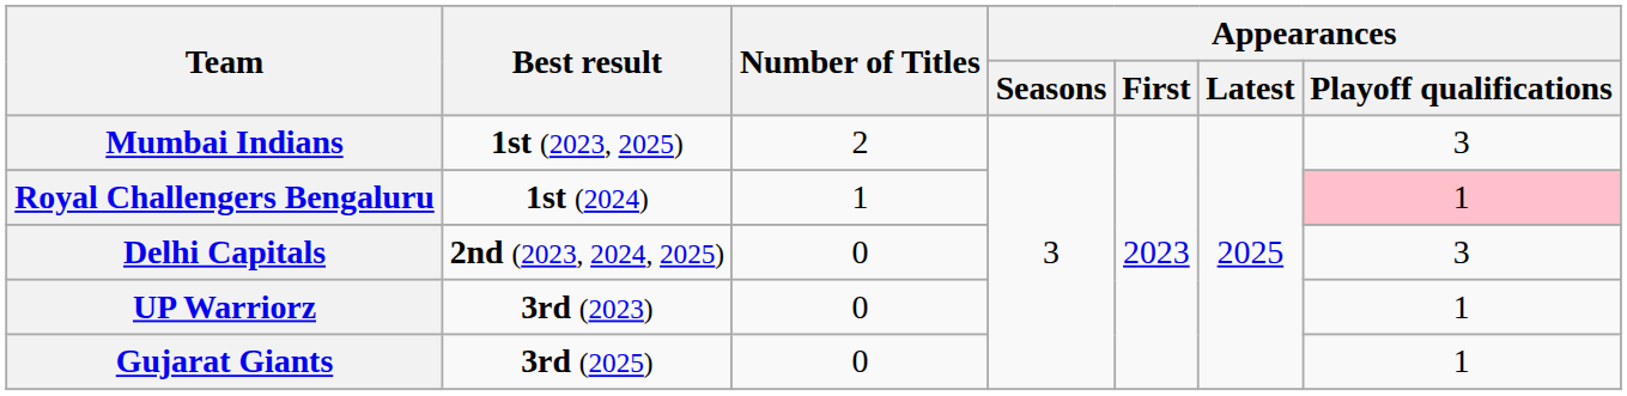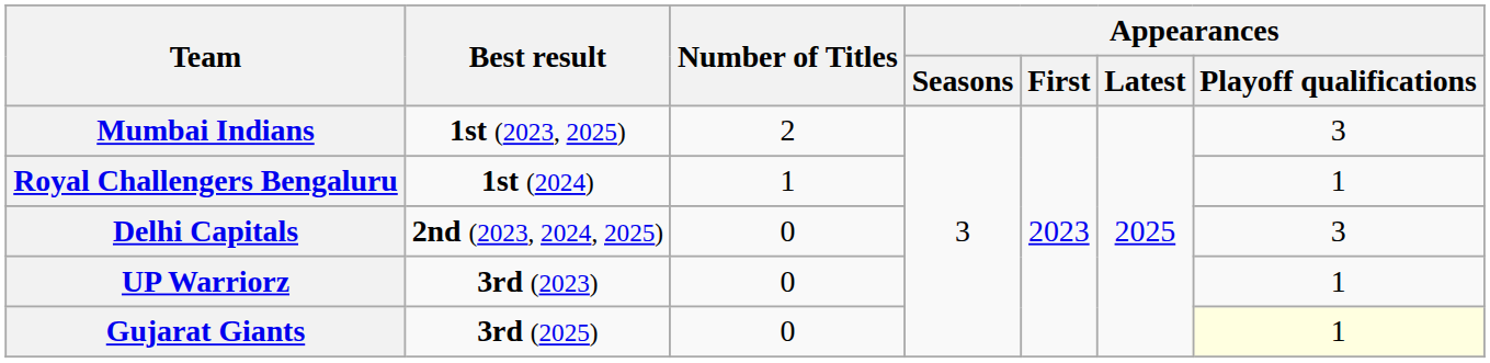 <table class="wikitable sortable" style="text-align:center;margin:auto;font-size:95%;">
 <tr>
 <th rowspan="2">Team</th>
 <th rowspan="2">Best result</th>
 <th rowspan="2">Number of Titles</th>
 <th colspan=4>Appearances</th>
 </tr>
 <tr>
 <th>Seasons</th>
 <th>First</th>
 <th>Latest</th>
 <th>Playoff qualifications</th>
 </tr>
 <tr>
 <th><a href='#'>Mumbai Indians</a></th>
 <td><strong>1st</strong> <small>(<a href='#'>2023</a>, <a href='#'>2025</a>)</small></td>
 <td>2</td>
 <td rowspan=5>3</td>
 <td rowspan=5><a href='#'>2023</a></td>
 <td rowspan=5><a href='#'>2025</a></td>
 <td>3</td>
 </tr>
 <tr>
 <th><a href='#'>Royal Challengers Bengaluru</a></th>
 <td><strong>1st</strong> <small>(<a href='#'>2024</a>)</small></td>
 <td>1</td>
-<td style="background: pink;">1</td>
+<td>1</td>
 </tr>
 <tr>
 <th><a href='#'>Delhi Capitals</a></th>
 <td><strong>2nd</strong> <small>(<a href='#'>2023</a>, <a href='#'>2024</a>, <a href='#'>2025</a>)</small></td>
 <td>0</td>
 <td>3</td>
 </tr>
 <tr>
 <th><a href='#'>UP Warriorz</a></th>
 <td><strong>3rd</strong> <small>(<a href='#'>2023</a>)</small></td>
 <td>0</td>
 <td>1</td>
 </tr>
 <tr>
 <th><a href='#'>Gujarat Giants</a></th>
 <td><strong>3rd</strong> <small>(<a href='#'>2025</a>)</small></td>
 <td>0</td>
-<td>1</td>
+<td style="background: lightyellow;">1</td>
 </tr>
 </table>
